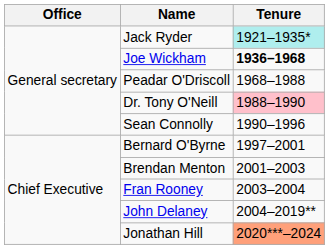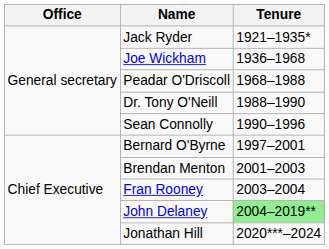 <table class="wikitable">
 <tr>
 <th>Office</th>
 <th>Name</th>
 <th>Tenure</th>
 </tr>
 <tr>
 <td rowspan=5>General secretary<br></td>
 <td>Jack Ryder</td>
-<td style="background: paleturquoise;">1921–1935*</td>
+<td>1921–1935*</td>
 </tr>
 <tr>
 <td><a href='#'>Joe Wickham</a></td>
-<td><strong>1936–1968</strong></td>
+<td>1936–1968</td>
 </tr>
 <tr>
 <td>Peadar O'Driscoll</td>
 <td>1968–1988</td>
 </tr>
 <tr>
 <td>Dr. Tony O'Neill</td>
-<td style="background: pink;">1988–1990</td>
+<td>1988–1990</td>
 </tr>
 <tr>
 <td>Sean Connolly</td>
 <td>1990–1996</td>
 </tr>
 <tr>
 <td rowspan=5>Chief Executive</td>
 <td>Bernard O'Byrne</td>
 <td>1997–2001</td>
 </tr>
 <tr>
 <td>Brendan Menton</td>
 <td>2001–2003</td>
 </tr>
 <tr>
 <td><a href='#'>Fran Rooney</a></td>
 <td>2003–2004</td>
 </tr>
 <tr>
 <td><a href='#'>John Delaney</a></td>
-<td>2004–2019**</td>
+<td style="background: lightgreen;">2004–2019**</td>
 </tr>
 <tr>
 <td>Jonathan Hill</td>
-<td style="background: lightsalmon;">2020***–2024</td>
+<td>2020***–2024</td>
 </tr>
 </table>
